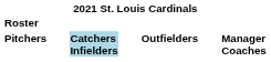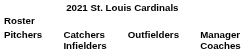 <table class="toccolours" style="font-size: 95%;">
 <tr>
 <th colspan="10">2021 St. Louis Cardinals</th>
 </tr>
 <tr>
 <td colspan="10"><strong>Roster</strong></td>
 </tr>
 <tr>
 <td valign="top"><strong>Pitchers</strong><br>                              </td>
 <td style="width:25px;"></td>
-<td valign="top" style="background: lightblue;"><strong>Catchers</strong><br>   <strong>Infielders</strong>         </td>
+<td valign="top"><strong>Catchers</strong><br>   <strong>Infielders</strong>         </td>
 <td style="width:25px;"></td>
 <td valign="top"><strong>Outfielders</strong><br>       </td>
 <td style="width:25px;"></td>
 <td valign="top"><strong>Manager</strong><br> <strong>Coaches</strong>                        </td>
 </tr>
 </table>
